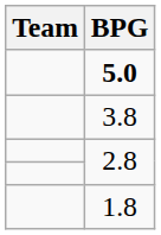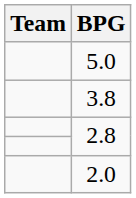 <table class=wikitable>
 <tr>
 <th>Team</th>
 <th>BPG</th>
 </tr>
 <tr>
 <td></td>
-<td align=center><strong>5.0</strong></td>
+<td align=center>5.0</td>
 </tr>
 <tr>
 <td></td>
 <td align=center>3.8</td>
 </tr>
 <tr>
 <td></td>
 <td align=center rowspan=2>2.8</td>
 </tr>
 <tr>
 <td></td>
 </tr>
 <tr>
 <td></td>
-<td align=center>1.8</td>
+<td align=center>2.0</td>
 </tr>
 </table>
